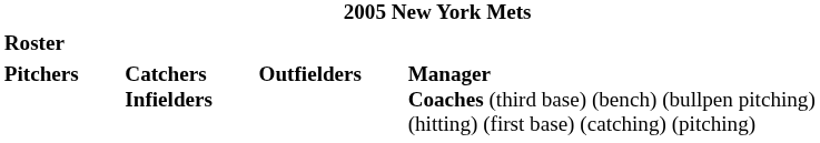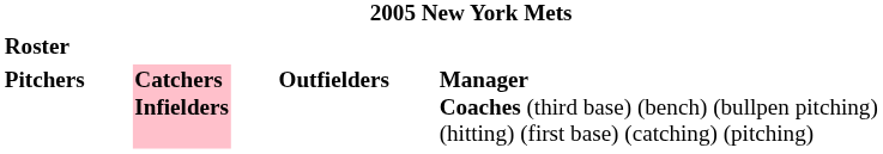 <table class="toccolours" style="font-size: 95%;">
 <tr>
 <th colspan="10">2005 New York Mets</th>
 </tr>
 <tr>
 <td colspan="10"><strong>Roster</strong></td>
 </tr>
 <tr>
 <td valign="top"><strong>Pitchers</strong><br>                      </td>
 <td width="25px"></td>
-<td valign="top"><strong>Catchers</strong><br>    <strong>Infielders</strong>           </td>
+<td valign="top" style="background: pink;"><strong>Catchers</strong><br>    <strong>Infielders</strong>           </td>
 <td width="25px"></td>
 <td valign="top"><strong>Outfielders</strong><br>     </td>
 <td width="25px"></td>
 <td valign="top"><strong>Manager</strong><br> <strong>Coaches</strong>  (third base)  (bench)  (bullpen pitching)  (hitting)  (first base)  (catching)  (pitching)</td>
 </tr>
 </table>
